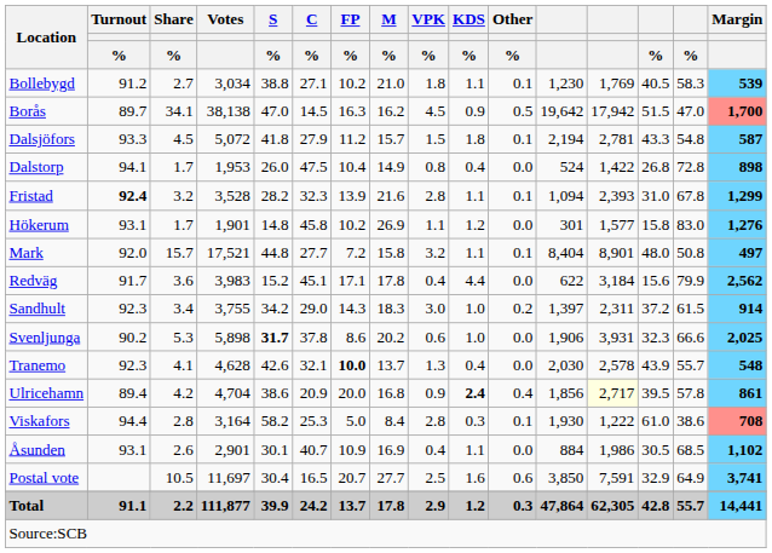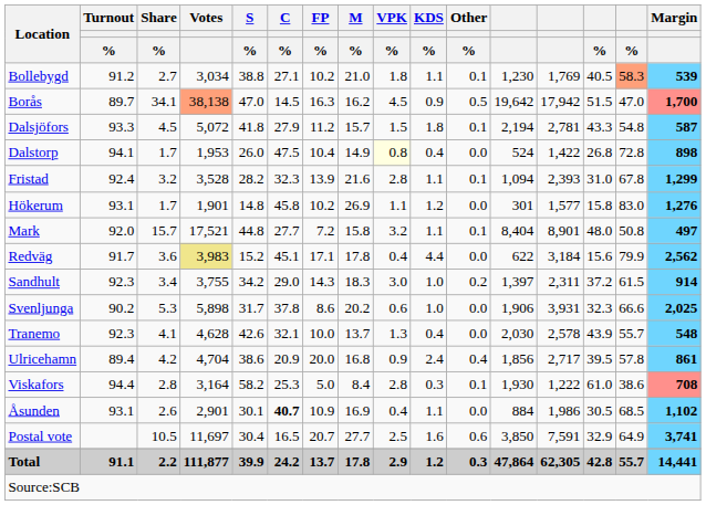 <table class="wikitable sortable" style="text-align:right; font-size:95%; line-height:20px;">
 <tr>
 <th rowspan="3">Location</th>
 <th>Turnout</th>
 <th>Share</th>
 <th>Votes</th>
 <th width="30px" class="unsortable"><a href='#'>S</a></th>
 <th width="30px" class="unsortable"><a href='#'>C</a></th>
 <th width="30px" class="unsortable"><a href='#'>FP</a></th>
 <th width="30px" class="unsortable"><a href='#'>M</a></th>
 <th width="30px" class="unsortable"><a href='#'>VPK</a></th>
 <th width="30px" class="unsortable"><a href='#'>KDS</a></th>
 <th width="30px" class="unsortable">Other</th>
 <th></th>
 <th></th>
 <th></th>
 <th></th>
 <th>Margin</th>
 </tr>
 <tr>
 <th></th>
 <th></th>
 <th></th>
 <th style="background:"></th>
 <th style="background:"></th>
 <th style="background:"></th>
 <th style="background:"></th>
 <th style="background:"></th>
 <th style="background:"></th>
 <th style="background:"></th>
 <th style="background:"></th>
 <th style="background:"></th>
 <th style="background:"></th>
 <th style="background:"></th>
 <th></th>
 </tr>
 <tr>
 <th data-sort-type="number">%</th>
 <th data-sort-type="number">%</th>
 <th></th>
 <th data-sort-type="number">%</th>
 <th data-sort-type="number">%</th>
 <th data-sort-type="number">%</th>
 <th data-sort-type="number">%</th>
 <th data-sort-type="number">%</th>
 <th data-sort-type="number">%</th>
 <th data-sort-type="number">%</th>
 <th data-sort-type="number"></th>
 <th data-sort-type="number"></th>
 <th data-sort-type="number">%</th>
 <th data-sort-type="number">%</th>
 <th data-sort-type="number"></th>
 </tr>
 <tr>
 <td align=left><a href='#'>Bollebygd</a></td>
 <td>91.2</td>
 <td>2.7</td>
 <td>3,034</td>
 <td>38.8</td>
 <td>27.1</td>
 <td>10.2</td>
 <td>21.0</td>
 <td>1.8</td>
 <td>1.1</td>
 <td>0.1</td>
 <td>1,230</td>
 <td>1,769</td>
 <td>40.5</td>
-<td>58.3</td>
+<td style="background: lightsalmon;">58.3</td>
 <td bgcolor=#6fd5fe><strong>539</strong></td>
 </tr>
 <tr>
 <td align=left><a href='#'>Borås</a></td>
 <td>89.7</td>
 <td>34.1</td>
-<td>38,138</td>
+<td style="background: lightsalmon;">38,138</td>
 <td>47.0</td>
 <td>14.5</td>
 <td>16.3</td>
 <td>16.2</td>
 <td>4.5</td>
 <td>0.9</td>
 <td>0.5</td>
 <td>19,642</td>
 <td>17,942</td>
 <td>51.5</td>
 <td>47.0</td>
 <td bgcolor=#ff908c><strong>1,700</strong></td>
 </tr>
 <tr>
 <td align=left><a href='#'>Dalsjöfors</a></td>
 <td>93.3</td>
 <td>4.5</td>
 <td>5,072</td>
 <td>41.8</td>
 <td>27.9</td>
 <td>11.2</td>
 <td>15.7</td>
 <td>1.5</td>
 <td>1.8</td>
 <td>0.1</td>
 <td>2,194</td>
 <td>2,781</td>
 <td>43.3</td>
 <td>54.8</td>
 <td bgcolor=#6fd5fe><strong>587</strong></td>
 </tr>
 <tr>
 <td align=left><a href='#'>Dalstorp</a></td>
 <td>94.1</td>
 <td>1.7</td>
 <td>1,953</td>
 <td>26.0</td>
 <td>47.5</td>
 <td>10.4</td>
 <td>14.9</td>
-<td>0.8</td>
+<td style="background: lightyellow;">0.8</td>
 <td>0.4</td>
 <td>0.0</td>
 <td>524</td>
 <td>1,422</td>
 <td>26.8</td>
 <td>72.8</td>
 <td bgcolor=#6fd5fe><strong>898</strong></td>
 </tr>
 <tr>
 <td align=left><a href='#'>Fristad</a></td>
-<td><strong>92.4</strong></td>
+<td>92.4</td>
 <td>3.2</td>
 <td>3,528</td>
 <td>28.2</td>
 <td>32.3</td>
 <td>13.9</td>
 <td>21.6</td>
 <td>2.8</td>
 <td>1.1</td>
 <td>0.1</td>
 <td>1,094</td>
 <td>2,393</td>
 <td>31.0</td>
 <td>67.8</td>
 <td bgcolor=#6fd5fe><strong>1,299</strong></td>
 </tr>
 <tr>
 <td align=left><a href='#'>Hökerum</a></td>
 <td>93.1</td>
 <td>1.7</td>
 <td>1,901</td>
 <td>14.8</td>
 <td>45.8</td>
 <td>10.2</td>
 <td>26.9</td>
 <td>1.1</td>
 <td>1.2</td>
 <td>0.0</td>
 <td>301</td>
 <td>1,577</td>
 <td>15.8</td>
 <td>83.0</td>
 <td bgcolor=#6fd5fe><strong>1,276</strong></td>
 </tr>
 <tr>
 <td align=left><a href='#'>Mark</a></td>
 <td>92.0</td>
 <td>15.7</td>
 <td>17,521</td>
 <td>44.8</td>
 <td>27.7</td>
 <td>7.2</td>
 <td>15.8</td>
 <td>3.2</td>
 <td>1.1</td>
 <td>0.1</td>
 <td>8,404</td>
 <td>8,901</td>
 <td>48.0</td>
 <td>50.8</td>
 <td bgcolor=#6fd5fe><strong>497</strong></td>
 </tr>
 <tr>
 <td align=left><a href='#'>Redväg</a></td>
 <td>91.7</td>
 <td>3.6</td>
-<td>3,983</td>
+<td style="background: khaki;">3,983</td>
 <td>15.2</td>
 <td>45.1</td>
 <td>17.1</td>
 <td>17.8</td>
 <td>0.4</td>
 <td>4.4</td>
 <td>0.0</td>
 <td>622</td>
 <td>3,184</td>
 <td>15.6</td>
 <td>79.9</td>
 <td bgcolor=#6fd5fe><strong>2,562</strong></td>
 </tr>
 <tr>
 <td align=left><a href='#'>Sandhult</a></td>
 <td>92.3</td>
 <td>3.4</td>
 <td>3,755</td>
 <td>34.2</td>
 <td>29.0</td>
 <td>14.3</td>
 <td>18.3</td>
 <td>3.0</td>
 <td>1.0</td>
 <td>0.2</td>
 <td>1,397</td>
 <td>2,311</td>
 <td>37.2</td>
 <td>61.5</td>
 <td bgcolor=#6fd5fe><strong>914</strong></td>
 </tr>
 <tr>
 <td align=left><a href='#'>Svenljunga</a></td>
 <td>90.2</td>
 <td>5.3</td>
 <td>5,898</td>
-<td><strong>31.7</strong></td>
+<td>31.7</td>
 <td>37.8</td>
 <td>8.6</td>
 <td>20.2</td>
 <td>0.6</td>
 <td>1.0</td>
 <td>0.0</td>
 <td>1,906</td>
 <td>3,931</td>
 <td>32.3</td>
 <td>66.6</td>
 <td bgcolor=#6fd5fe><strong>2,025</strong></td>
 </tr>
 <tr>
 <td align=left><a href='#'>Tranemo</a></td>
 <td>92.3</td>
 <td>4.1</td>
 <td>4,628</td>
 <td>42.6</td>
 <td>32.1</td>
-<td><strong>10.0</strong></td>
+<td>10.0</td>
 <td>13.7</td>
 <td>1.3</td>
 <td>0.4</td>
 <td>0.0</td>
 <td>2,030</td>
 <td>2,578</td>
 <td>43.9</td>
 <td>55.7</td>
 <td bgcolor=#6fd5fe><strong>548</strong></td>
 </tr>
 <tr>
 <td align=left><a href='#'>Ulricehamn</a></td>
 <td>89.4</td>
 <td>4.2</td>
 <td>4,704</td>
 <td>38.6</td>
 <td>20.9</td>
 <td>20.0</td>
 <td>16.8</td>
 <td>0.9</td>
-<td><strong>2.4</strong></td>
+<td>2.4</td>
 <td>0.4</td>
 <td>1,856</td>
-<td style="background: lightyellow;">2,717</td>
+<td>2,717</td>
 <td>39.5</td>
 <td>57.8</td>
 <td bgcolor=#6fd5fe><strong>861</strong></td>
 </tr>
 <tr>
 <td align=left><a href='#'>Viskafors</a></td>
 <td>94.4</td>
 <td>2.8</td>
 <td>3,164</td>
 <td>58.2</td>
 <td>25.3</td>
 <td>5.0</td>
 <td>8.4</td>
 <td>2.8</td>
 <td>0.3</td>
 <td>0.1</td>
 <td>1,930</td>
 <td>1,222</td>
 <td>61.0</td>
 <td>38.6</td>
 <td bgcolor=#ff908c><strong>708</strong></td>
 </tr>
 <tr>
 <td align=left><a href='#'>Åsunden</a></td>
 <td>93.1</td>
 <td>2.6</td>
 <td>2,901</td>
 <td>30.1</td>
-<td>40.7</td>
+<td><strong>40.7</strong></td>
 <td>10.9</td>
 <td>16.9</td>
 <td>0.4</td>
 <td>1.1</td>
 <td>0.0</td>
 <td>884</td>
 <td>1,986</td>
 <td>30.5</td>
 <td>68.5</td>
 <td bgcolor=#6fd5fe><strong>1,102</strong></td>
 </tr>
 <tr>
 <td align=left><a href='#'>Postal vote</a></td>
 <td></td>
 <td>10.5</td>
 <td>11,697</td>
 <td>30.4</td>
 <td>16.5</td>
 <td>20.7</td>
 <td>27.7</td>
 <td>2.5</td>
 <td>1.6</td>
 <td>0.6</td>
 <td>3,850</td>
 <td>7,591</td>
 <td>32.9</td>
 <td>64.9</td>
 <td bgcolor=#6fd5fe><strong>3,741</strong></td>
 </tr>
 <tr>
 </tr>
 <tr style="background:#CDCDCD;">
 <td align=left><strong>Total</strong></td>
 <td><strong>91.1</strong></td>
 <td><strong>2.2</strong></td>
 <td><strong>111,877</strong></td>
 <td><strong>39.9</strong></td>
 <td><strong>24.2</strong></td>
 <td><strong>13.7</strong></td>
 <td><strong>17.8</strong></td>
 <td><strong>2.9</strong></td>
 <td><strong>1.2</strong></td>
 <td><strong>0.3</strong></td>
 <td><strong>47,864</strong></td>
 <td><strong>62,305</strong></td>
 <td><strong>42.8</strong></td>
 <td><strong>55.7</strong></td>
 <td bgcolor=#6fd5fe><strong>14,441</strong></td>
 </tr>
 <tr>
 <td align=left colspan=16>Source:SCB </td>
 </tr>
 </table>
